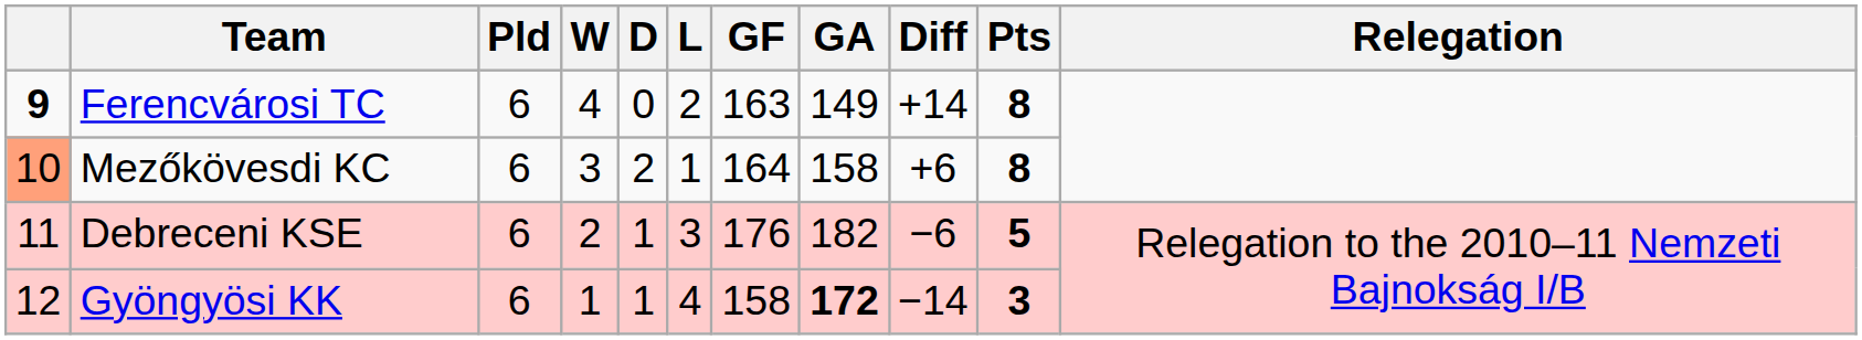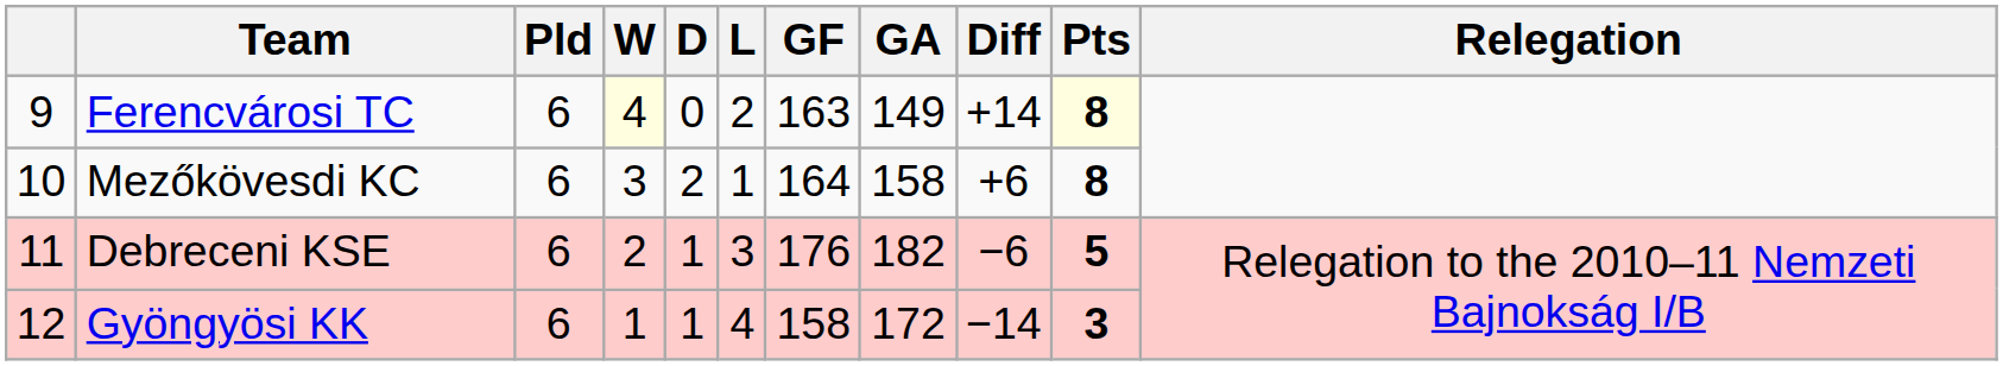 <table class="wikitable sortable" style="text-align:center">
 <tr>
 <th></th>
 <th width="150">Team</th>
 <th>Pld</th>
 <th>W</th>
 <th>D</th>
 <th>L</th>
 <th>GF</th>
 <th>GA</th>
 <th>Diff</th>
 <th>Pts</th>
 <th width="300">Relegation</th>
 </tr>
 <tr>
-<td><strong>9</strong></td>
+<td>9</td>
 <td align=left><a href='#'>Ferencvárosi TC</a></td>
 <td>6</td>
-<td>4</td>
+<td style="background: lightyellow;">4</td>
 <td>0</td>
 <td>2</td>
 <td>163</td>
 <td>149</td>
 <td>+14</td>
-<td><strong>8</strong></td>
+<td style="background: lightyellow;"><strong>8</strong></td>
 </tr>
 <tr>
-<td style="background: lightsalmon;">10</td>
+<td>10</td>
 <td align=left>Mezőkövesdi KC</td>
 <td>6</td>
 <td>3</td>
 <td>2</td>
 <td>1</td>
 <td>164</td>
 <td>158</td>
 <td>+6</td>
 <td><strong>8</strong></td>
 </tr>
 <tr style="background: #FFCCCC;">
 <td>11</td>
 <td align=left>Debreceni KSE</td>
 <td>6</td>
 <td>2</td>
 <td>1</td>
 <td>3</td>
 <td>176</td>
 <td>182</td>
 <td>−6</td>
 <td><strong>5</strong></td>
 <td rowspan="2">Relegation to the 2010–11 <a href='#'>Nemzeti Bajnokság I/B</a></td>
 </tr>
 <tr style="background: #FFCCCC;">
 <td>12</td>
 <td align=left><a href='#'>Gyöngyösi KK</a></td>
 <td>6</td>
 <td>1</td>
 <td>1</td>
 <td>4</td>
 <td>158</td>
-<td><strong>172</strong></td>
+<td>172</td>
 <td>−14</td>
 <td><strong>3</strong></td>
 </tr>
 </table>
